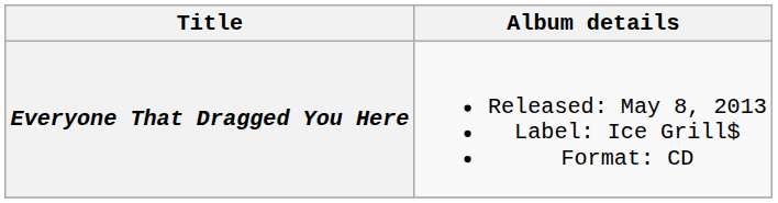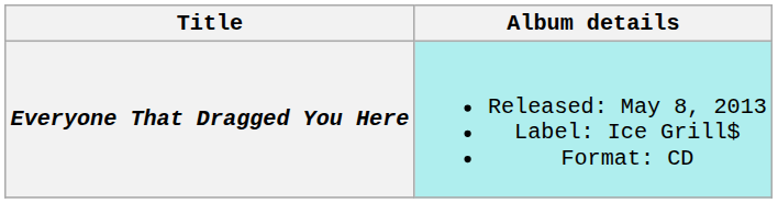 <table class="wikitable plainrowheaders" style="text-align:center;">
 <tr>
 <th scope="col">Title</th>
 <th scope="col">Album details</th>
 </tr>
 <tr>
 <th scope="row"><em>Everyone That Dragged You Here</em></th>
-<td><br><ul><li>Released: May 8, 2013</li><li>Label: Ice Grill$ </li><li>Format: CD</li></ul></td>
+<td style="background: paleturquoise;"><br><ul><li>Released: May 8, 2013</li><li>Label: Ice Grill$ </li><li>Format: CD</li></ul></td>
 </tr>
 </table>
